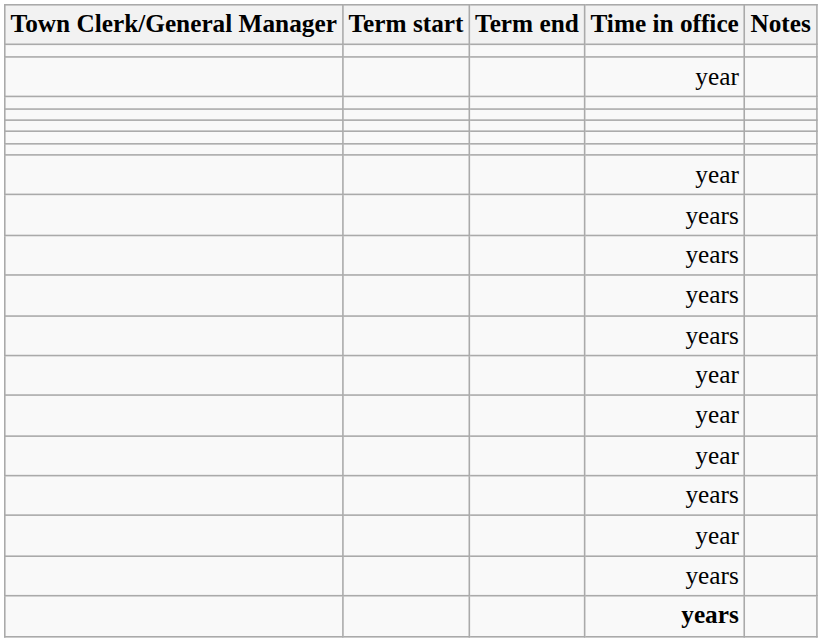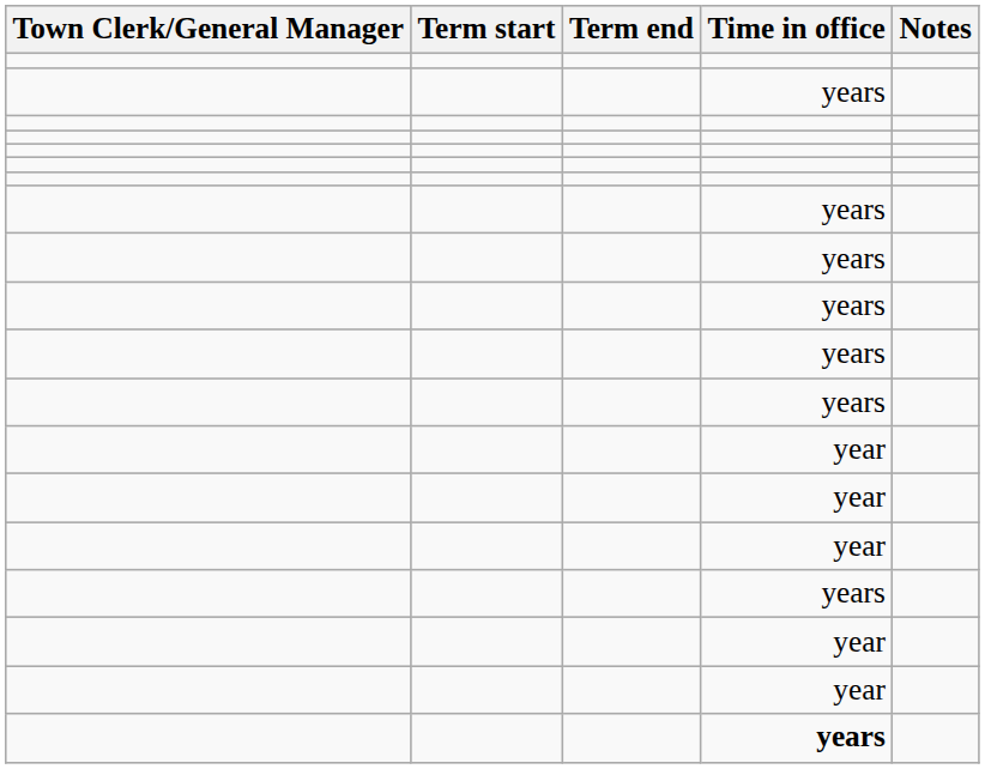 <table class="wikitable sortable">
 <tr>
 <th>Town Clerk/General Manager</th>
 <th>Term start</th>
 <th>Term end</th>
 <th>Time in office</th>
 <th class="unsortable">Notes</th>
 </tr>
 <tr>
 <td></td>
 <td align=center></td>
 <td align=center></td>
 <td align=right></td>
 <td></td>
 </tr>
 <tr>
 <td></td>
 <td align=center></td>
 <td align=center></td>
-<td align=right> year</td>
+<td align=right> years</td>
 <td></td>
 </tr>
 <tr>
 <td></td>
 <td align=center></td>
 <td align=center></td>
 <td align=right></td>
 <td></td>
 </tr>
 <tr>
 <td></td>
 <td align=center></td>
 <td align=center></td>
 <td align=right></td>
 <td></td>
 </tr>
 <tr>
 <td></td>
 <td align=center></td>
 <td align=center></td>
 <td align=right></td>
 <td></td>
 </tr>
 <tr>
 <td></td>
 <td align=center></td>
 <td align=center></td>
 <td align=right></td>
 <td></td>
 </tr>
 <tr>
 <td></td>
 <td align=center></td>
 <td align=center></td>
 <td align=right></td>
 <td></td>
 </tr>
 <tr>
 <td></td>
 <td align=center></td>
 <td align=center></td>
-<td align=right> year</td>
+<td align=right> years</td>
 <td></td>
 </tr>
 <tr>
 <td></td>
 <td align=center></td>
 <td align=center></td>
 <td align=right> years</td>
 <td></td>
 </tr>
 <tr>
 <td> </td>
 <td align=center></td>
 <td align=center></td>
 <td align=right> years</td>
 <td></td>
 </tr>
 <tr>
 <td></td>
 <td align=center></td>
 <td align=center></td>
 <td align=right> years</td>
 <td></td>
 </tr>
 <tr>
 <td></td>
 <td align=center></td>
 <td align=center></td>
 <td align=right> years</td>
 <td></td>
 </tr>
 <tr>
 <td></td>
 <td align=center></td>
 <td align=center></td>
 <td align=right> year</td>
 <td></td>
 </tr>
 <tr>
 <td></td>
 <td align=center></td>
 <td align=center></td>
 <td align=right> year</td>
 <td></td>
 </tr>
 <tr>
 <td></td>
 <td align=center></td>
 <td align=center></td>
 <td align=right> year</td>
 <td></td>
 </tr>
 <tr>
 <td></td>
 <td align=center></td>
 <td align=center></td>
 <td align=right> years</td>
 <td></td>
 </tr>
 <tr>
 <td></td>
 <td align=center></td>
 <td align=center></td>
 <td align=right> year</td>
 <td></td>
 </tr>
 <tr>
 <td></td>
 <td align=center></td>
 <td align=center></td>
-<td align=right> years</td>
+<td align=right> year</td>
 <td></td>
 </tr>
 <tr>
 <td> </td>
 <td align=center></td>
 <td align=center></td>
 <td align=right><strong> years</strong></td>
 <td></td>
 </tr>
 </table>
